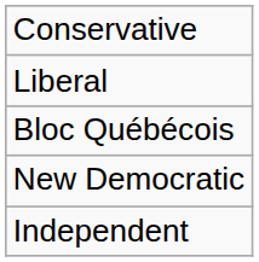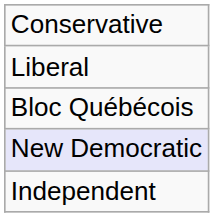 <table class="wikitable">
 <tr>
 <td>Conservative</td>
 </tr>
 <tr>
 <td>Liberal</td>
 </tr>
 <tr>
 <td>Bloc Québécois</td>
 </tr>
 <tr>
-<td>New Democratic</td>
+<td style="background: lavender;">New Democratic</td>
 </tr>
 <tr>
 <td>Independent</td>
 </tr>
 </table>
